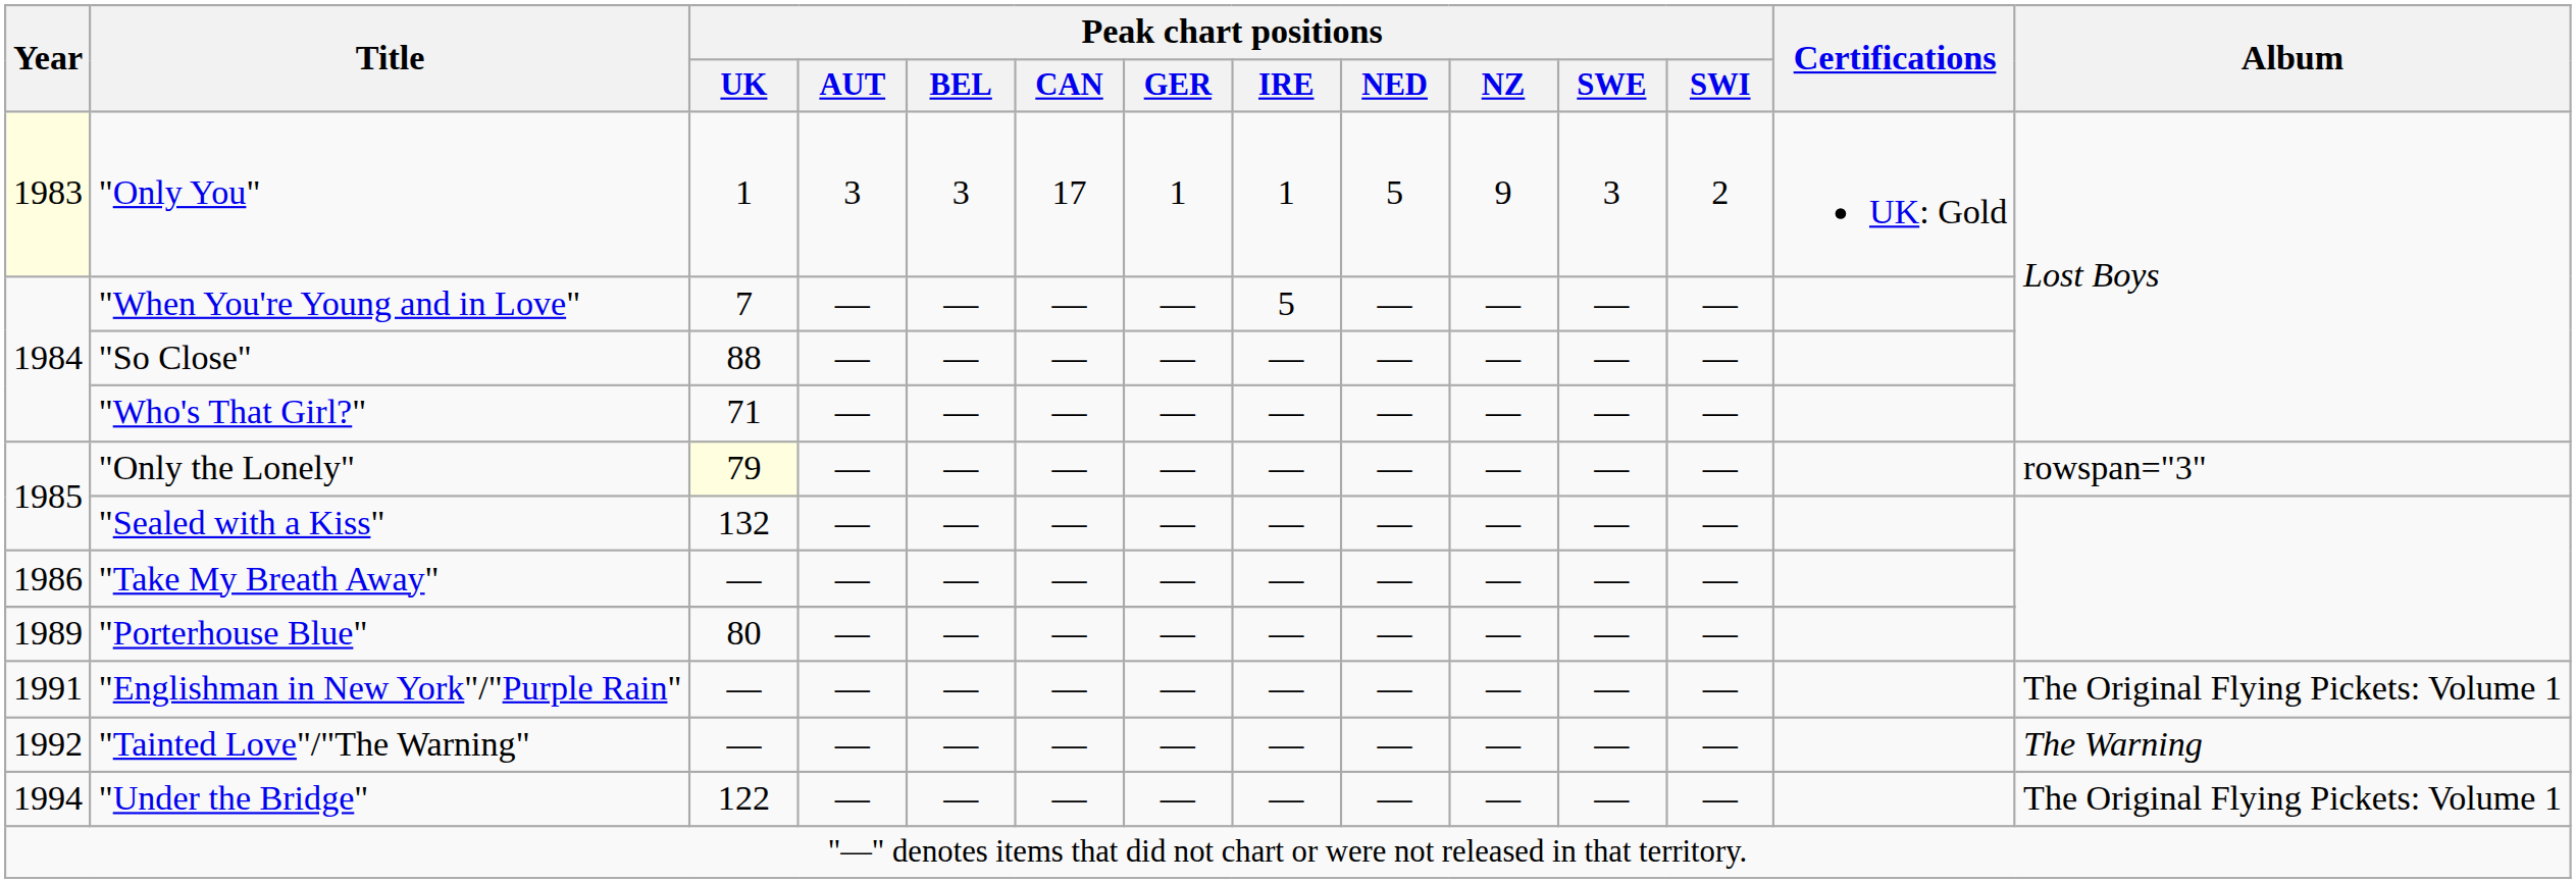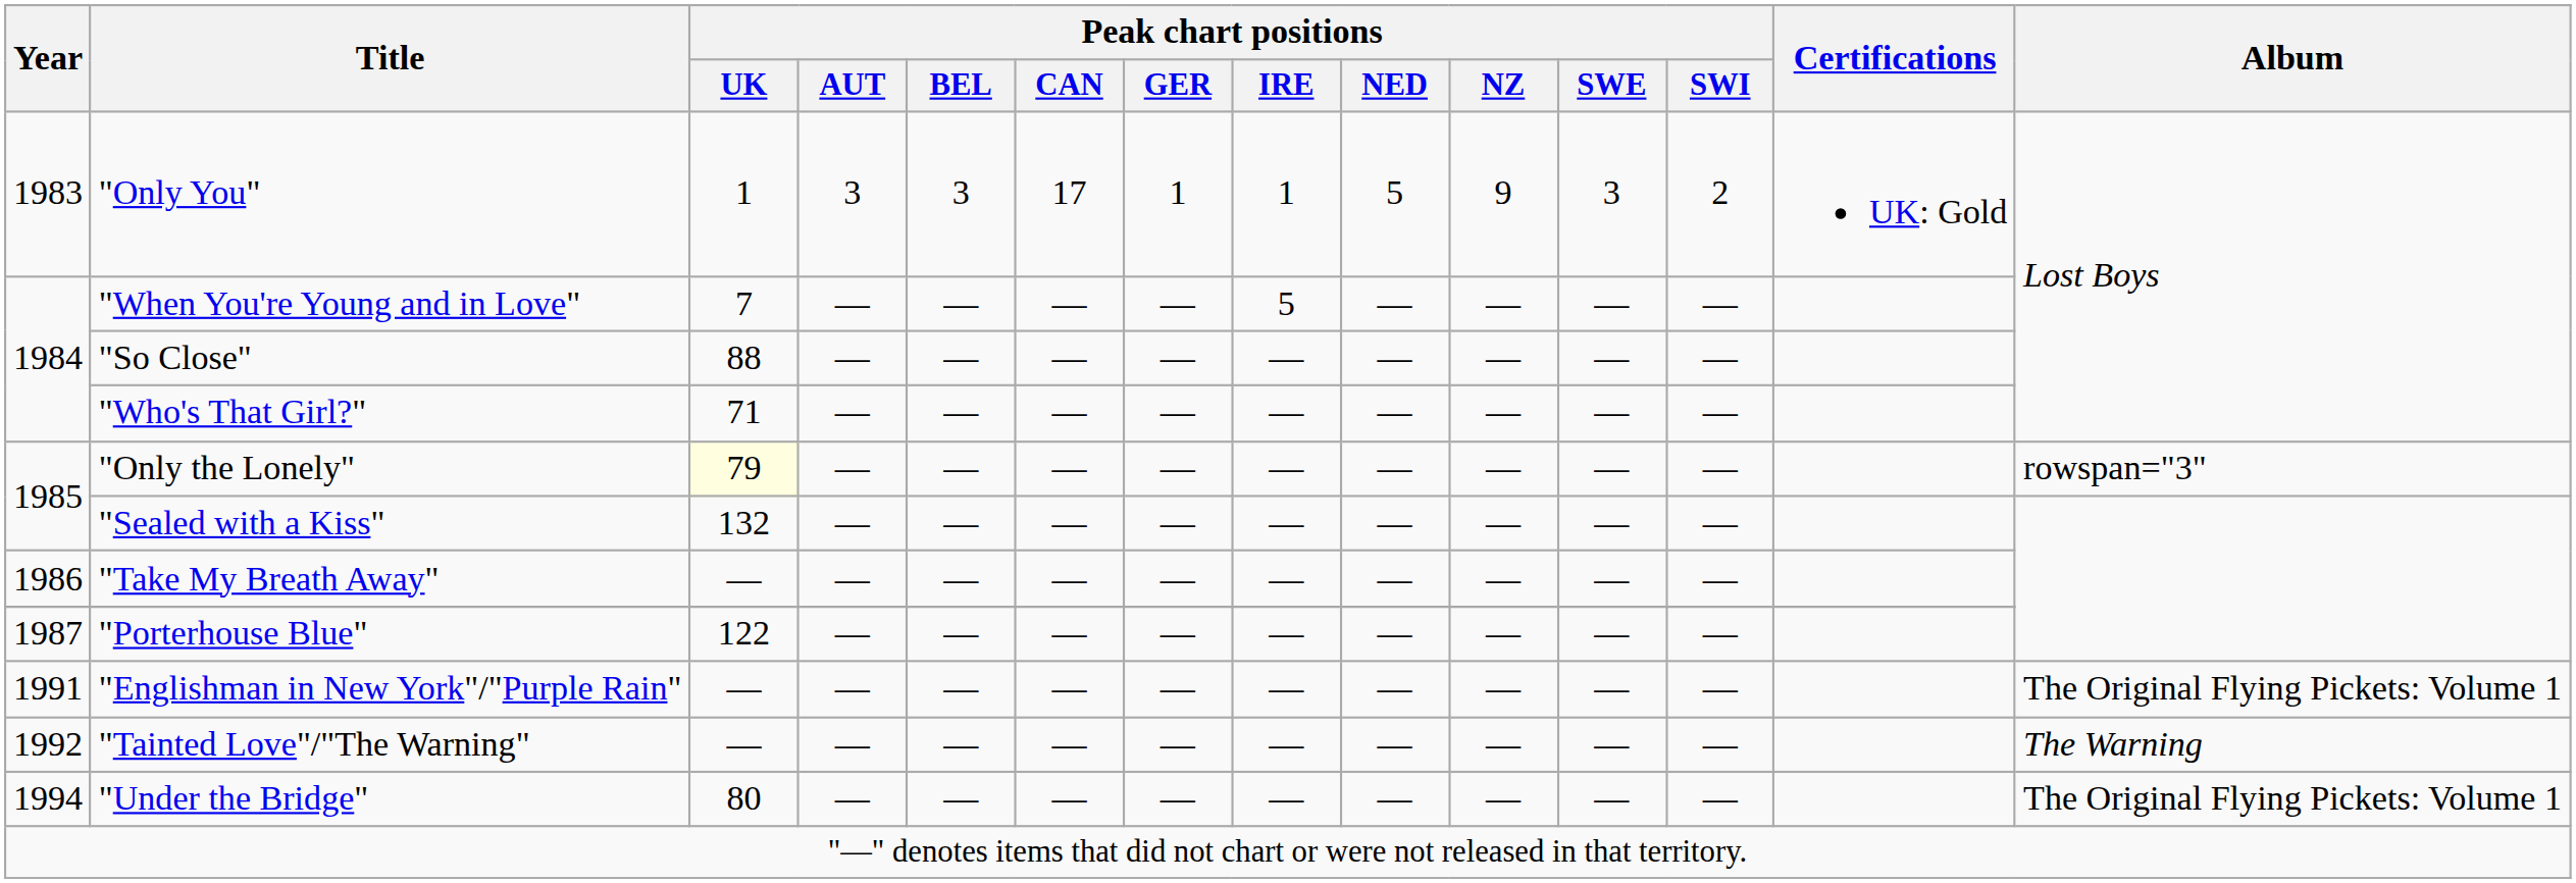 <table class="wikitable">
 <tr>
 <th rowspan="2">Year</th>
 <th rowspan="2">Title</th>
 <th colspan="10">Peak chart positions</th>
 <th rowspan="2"><a href='#'>Certifications</a></th>
 <th rowspan="2">Album</th>
 </tr>
 <tr>
 <th style="width:3em;font-size:90%;"><a href='#'>UK</a><br></th>
 <th style="width:3em;font-size:90%;"><a href='#'>AUT</a><br></th>
 <th style="width:3em;font-size:90%;"><a href='#'>BEL</a><br></th>
 <th style="width:3em;font-size:90%;"><a href='#'>CAN</a><br></th>
 <th style="width:3em;font-size:90%;"><a href='#'>GER</a><br></th>
 <th style="width:3em;font-size:90%;"><a href='#'>IRE</a><br></th>
 <th style="width:3em;font-size:90%;"><a href='#'>NED</a><br></th>
 <th style="width:3em;font-size:90%;"><a href='#'>NZ</a><br></th>
 <th style="width:3em;font-size:90%;"><a href='#'>SWE</a><br></th>
 <th style="width:3em;font-size:90%;"><a href='#'>SWI</a><br></th>
 </tr>
 <tr>
-<td style="background: lightyellow;">1983</td>
+<td>1983</td>
 <td>"<a href='#'>Only You</a>"</td>
 <td align="center">1</td>
 <td align="center">3</td>
 <td align="center">3</td>
 <td align="center">17</td>
 <td align="center">1</td>
 <td align="center">1</td>
 <td align="center">5</td>
 <td align="center">9</td>
 <td align="center">3</td>
 <td align="center">2</td>
 <td><br><ul><li><a href='#'>UK</a>: Gold</li></ul></td>
 <td rowspan="4"><em>Lost Boys</em></td>
 </tr>
 <tr>
 <td rowspan="3">1984</td>
 <td>"<a href='#'>When You're Young and in Love</a>"</td>
 <td align="center">7</td>
 <td align="center">—</td>
 <td align="center">—</td>
 <td align="center">—</td>
 <td align="center">—</td>
 <td align="center">5</td>
 <td align="center">—</td>
 <td align="center">—</td>
 <td align="center">—</td>
 <td align="center">—</td>
 <td></td>
 </tr>
 <tr>
 <td>"So Close"</td>
 <td align="center">88</td>
 <td align="center">—</td>
 <td align="center">—</td>
 <td align="center">—</td>
 <td align="center">—</td>
 <td align="center">—</td>
 <td align="center">—</td>
 <td align="center">—</td>
 <td align="center">—</td>
 <td align="center">—</td>
 <td></td>
 </tr>
 <tr>
 <td>"<a href='#'>Who's That Girl?</a>"</td>
 <td align="center">71</td>
 <td align="center">—</td>
 <td align="center">—</td>
 <td align="center">—</td>
 <td align="center">—</td>
 <td align="center">—</td>
 <td align="center">—</td>
 <td align="center">—</td>
 <td align="center">—</td>
 <td align="center">—</td>
 <td></td>
 </tr>
 <tr>
 <td rowspan="2">1985</td>
 <td>"Only the Lonely"</td>
 <td align="center" style="background: lightyellow;">79</td>
 <td align="center">—</td>
 <td align="center">—</td>
 <td align="center">—</td>
 <td align="center">—</td>
 <td align="center">—</td>
 <td align="center">—</td>
 <td align="center">—</td>
 <td align="center">—</td>
 <td align="center">—</td>
 <td></td>
 <td>rowspan="3" </td>
 </tr>
 <tr>
 <td>"<a href='#'>Sealed with a Kiss</a>"</td>
 <td align="center">132</td>
 <td align="center">—</td>
 <td align="center">—</td>
 <td align="center">—</td>
 <td align="center">—</td>
 <td align="center">—</td>
 <td align="center">—</td>
 <td align="center">—</td>
 <td align="center">—</td>
 <td align="center">—</td>
 <td></td>
 </tr>
 <tr>
 <td>1986</td>
 <td>"<a href='#'>Take My Breath Away</a>"</td>
 <td align="center">—</td>
 <td align="center">—</td>
 <td align="center">—</td>
 <td align="center">—</td>
 <td align="center">—</td>
 <td align="center">—</td>
 <td align="center">—</td>
 <td align="center">—</td>
 <td align="center">—</td>
 <td align="center">—</td>
 <td></td>
 </tr>
 <tr>
 </tr>
 <tr>
-<td>1989</td>
+<td>1987</td>
 <td>"<a href='#'>Porterhouse Blue</a>"</td>
-<td align="center">80</td>
+<td align="center">122</td>
 <td align="center">—</td>
 <td align="center">—</td>
 <td align="center">—</td>
 <td align="center">—</td>
 <td align="center">—</td>
 <td align="center">—</td>
 <td align="center">—</td>
 <td align="center">—</td>
 <td align="center">—</td>
 <td></td>
 </tr>
 <tr>
 <td>1991</td>
 <td>"<a href='#'>Englishman in New York</a>"/"<a href='#'>Purple Rain</a>"</td>
 <td align="center">—</td>
 <td align="center">—</td>
 <td align="center">—</td>
 <td align="center">—</td>
 <td align="center">—</td>
 <td align="center">—</td>
 <td align="center">—</td>
 <td align="center">—</td>
 <td align="center">—</td>
 <td align="center">—</td>
 <td></td>
 <td>The Original Flying Pickets: Volume 1</td>
 </tr>
 <tr>
 <td>1992</td>
 <td>"<a href='#'>Tainted Love</a>"/"The Warning"</td>
 <td align="center">—</td>
 <td align="center">—</td>
 <td align="center">—</td>
 <td align="center">—</td>
 <td align="center">—</td>
 <td align="center">—</td>
 <td align="center">—</td>
 <td align="center">—</td>
 <td align="center">—</td>
 <td align="center">—</td>
 <td></td>
 <td><em>The Warning</em></td>
 </tr>
 <tr>
 <td>1994</td>
 <td>"<a href='#'>Under the Bridge</a>"</td>
-<td align="center">122</td>
+<td align="center">80</td>
 <td align="center">—</td>
 <td align="center">—</td>
 <td align="center">—</td>
 <td align="center">—</td>
 <td align="center">—</td>
 <td align="center">—</td>
 <td align="center">—</td>
 <td align="center">—</td>
 <td align="center">—</td>
 <td></td>
 <td>The Original Flying Pickets: Volume 1</td>
 </tr>
 <tr>
 <td align="center" colspan="15" style="font-size:90%">"—" denotes items that did not chart or were not released in that territory.</td>
 </tr>
 <tr>
 </tr>
 </table>
